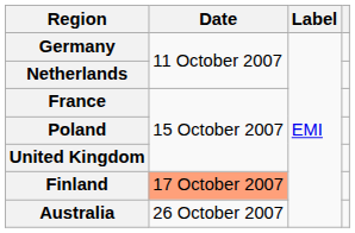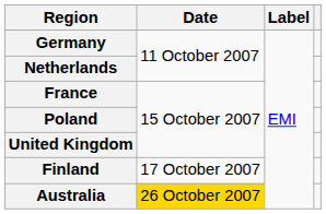 <table class="wikitable plainrowheaders">
 <tr>
 <th scope="col">Region</th>
 <th scope="col">Date</th>
 <th scope="col">Label</th>
 <th scope="col"></th>
 </tr>
 <tr>
 <th scope="row">Germany</th>
 <td rowspan="2">11 October 2007</td>
 <td rowspan="7"><a href='#'>EMI</a></td>
 <td align="center"></td>
 </tr>
 <tr>
 <th scope="row">Netherlands</th>
 <td align="center"></td>
 </tr>
 <tr>
 <th scope="row">France</th>
 <td rowspan="3">15 October 2007</td>
 <td align="center"></td>
 </tr>
 <tr>
 <th scope="row">Poland</th>
 <td align="center"></td>
 </tr>
 <tr>
 <th scope="row">United Kingdom</th>
 <td align="center"></td>
 </tr>
 <tr>
 <th scope="row">Finland</th>
-<td style="background: lightsalmon;">17 October 2007</td>
+<td>17 October 2007</td>
 <td align="center"></td>
 </tr>
 <tr>
 <th scope="row">Australia</th>
-<td>26 October 2007</td>
+<td style="background: gold;">26 October 2007</td>
 <td align="center"></td>
 </tr>
 </table>
